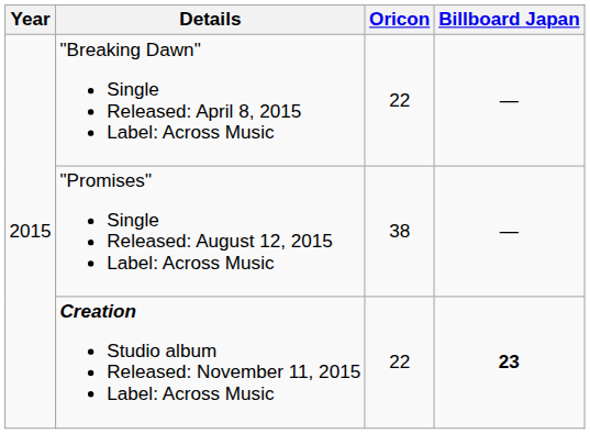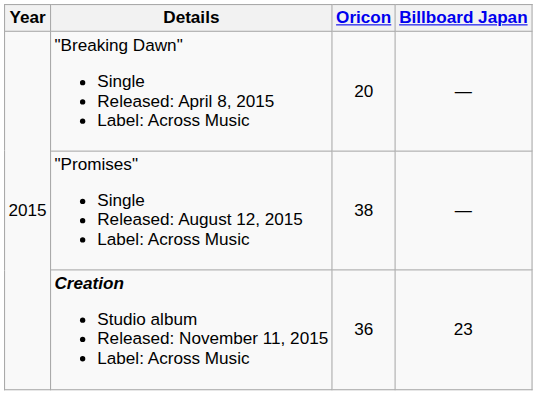 <table class="wikitable">
 <tr>
 <th>Year</th>
 <th>Details</th>
 <th><a href='#'>Oricon</a></th>
 <th><a href='#'>Billboard Japan</a></th>
 </tr>
 <tr>
 <td rowspan="3">2015</td>
 <td>"Breaking Dawn"<br><ul><li>Single</li><li>Released: April 8, 2015</li><li>Label: Across Music</li></ul></td>
-<td align="center">22</td>
+<td align="center">20</td>
 <td align="center">—</td>
 </tr>
 <tr>
 <td>"Promises"<br><ul><li>Single</li><li>Released: August 12, 2015</li><li>Label: Across Music</li></ul></td>
 <td align="center">38</td>
 <td align="center">—</td>
 </tr>
 <tr>
 <td><strong><em>Creation</em></strong><br><ul><li>Studio album</li><li>Released: November 11, 2015</li><li>Label: Across Music</li></ul></td>
-<td align="center">22</td>
-<td align="center"><strong>23</strong></td>
+<td align="center">36</td>
+<td align="center">23</td>
 </tr>
 </table>
